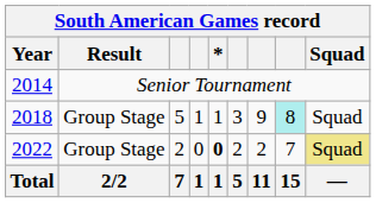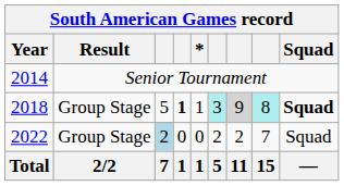 <table class="wikitable" style="text-align: center;">
 <tr>
 <th colspan=9><a href='#'>South American Games</a> record</th>
 </tr>
 <tr>
 <th>Year</th>
 <th>Result</th>
 <th></th>
 <th></th>
 <th>*</th>
 <th></th>
 <th></th>
 <th></th>
 <th>Squad</th>
 </tr>
 <tr>
 <td> <a href='#'>2014</a></td>
 <td colspan=8><em>Senior Tournament</em></td>
 </tr>
 <tr>
 <td> <a href='#'>2018</a></td>
 <td>Group Stage</td>
 <td>5</td>
+<td><strong>1</strong></td>
 <td>1</td>
-<td>1</td>
-<td>3</td>
-<td>9</td>
+<td style="background: paleturquoise;">3</td>
+<td style="background: lightgrey;">9</td>
 <td style="background: paleturquoise;">8</td>
-<td>Squad</td>
+<td><strong>Squad</strong></td>
 </tr>
 <tr>
 <td> <a href='#'>2022</a></td>
 <td>Group Stage</td>
-<td>2</td>
+<td style="background: lightblue;">2</td>
 <td>0</td>
-<td><strong>0</strong></td>
+<td>0</td>
 <td>2</td>
 <td>2</td>
 <td>7</td>
-<td style="background: khaki;">Squad</td>
+<td>Squad</td>
 </tr>
 <tr>
 <th><strong>Total</strong></th>
 <th><strong>2/2</strong></th>
 <th><strong>7</strong></th>
 <th><strong>1</strong></th>
 <th><strong>1</strong></th>
 <th><strong>5</strong></th>
 <th><strong>11</strong></th>
 <th><strong>15</strong></th>
 <th>—</th>
 </tr>
 </table>
